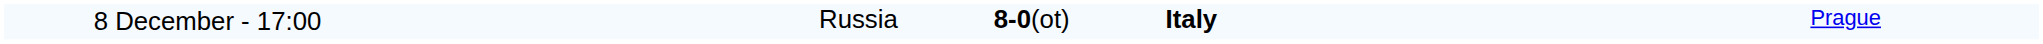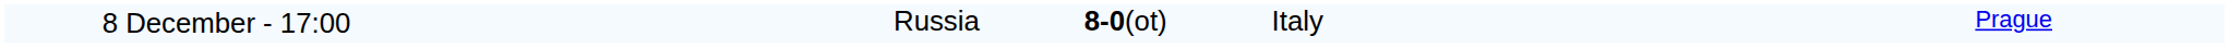 <table style="width: 100%; background:#F5FAFF;" cellspacing="0">
 <tr>
 <td align=center rowspan=3 width=20%>8 December - 17:00</td>
 </tr>
 <tr>
 <td width=24% align=right>Russia </td>
 <td align=center width=13%><strong>8-0</strong>(ot)</td>
-<td width=24%><strong> Italy</strong></td>
+<td width=24%> Italy</td>
 <td style=font-size:85% rowspan=3 valign=top align=center><a href='#'>Prague</a></td>
 </tr>
 <tr style=font-size:85%>
 <td align=right valign=top></td>
 <td></td>
 <td></td>
 </tr>
 </table>
